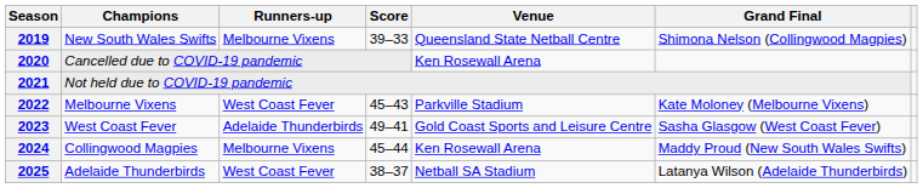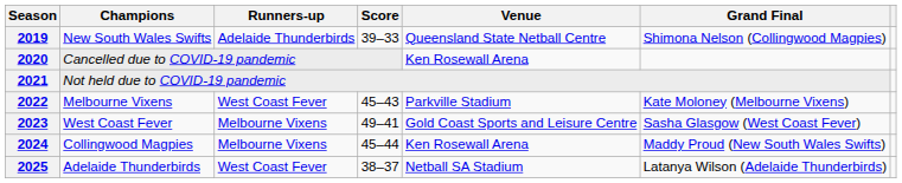 <table class="wikitable sortable">
 <tr>
 <th>Season</th>
 <th>Champions</th>
 <th>Runners-up</th>
 <th>Score</th>
 <th>Venue</th>
 <th>Grand Final </th>
 <th></th>
 </tr>
 <tr>
 <th><a href='#'>2019</a></th>
 <td><a href='#'>New South Wales Swifts</a></td>
-<td><a href='#'>Melbourne Vixens</a></td>
+<td><a href='#'>Adelaide Thunderbirds</a></td>
 <td style="text-align: center;">39–33</td>
 <td><a href='#'>Queensland State Netball Centre</a></td>
 <td><a href='#'>Shimona Nelson</a> (<a href='#'>Collingwood Magpies</a>)</td>
 <td></td>
 </tr>
 <tr>
 <th><a href='#'>2020</a></th>
 <td colspan="3" style="background: #ececec"><em>Cancelled due to <a href='#'>COVID-19 pandemic</a></em></td>
 <td><a href='#'>Ken Rosewall Arena</a></td>
 <td></td>
 <td></td>
 </tr>
 <tr>
 <th><a href='#'>2021</a></th>
 <td colspan="5" style="background: #ececec"><em>Not held due to <a href='#'>COVID-19 pandemic</a></em></td>
 <td></td>
 </tr>
 <tr>
 <th><a href='#'>2022</a></th>
 <td><a href='#'>Melbourne Vixens</a></td>
 <td><a href='#'>West Coast Fever</a></td>
 <td style="text-align: center;">45–43</td>
 <td><a href='#'>Parkville Stadium</a></td>
 <td><a href='#'>Kate Moloney</a> (<a href='#'>Melbourne Vixens</a>)</td>
 <td></td>
 </tr>
 <tr>
 <th><a href='#'>2023</a></th>
 <td><a href='#'>West Coast Fever</a></td>
-<td><a href='#'>Adelaide Thunderbirds</a></td>
+<td><a href='#'>Melbourne Vixens</a></td>
 <td style="text-align: center;">49–41</td>
 <td><a href='#'>Gold Coast Sports and Leisure Centre</a></td>
 <td><a href='#'>Sasha Glasgow</a> (<a href='#'>West Coast Fever</a>)</td>
 <td></td>
 </tr>
 <tr>
 <th><a href='#'>2024</a></th>
 <td><a href='#'>Collingwood Magpies</a></td>
 <td><a href='#'>Melbourne Vixens</a></td>
 <td style="text-align: center;">45–44</td>
 <td><a href='#'>Ken Rosewall Arena</a></td>
 <td><a href='#'>Maddy Proud</a> (<a href='#'>New South Wales Swifts</a>)</td>
 <td></td>
 </tr>
 <tr>
 <th><a href='#'>2025</a></th>
 <td><a href='#'>Adelaide Thunderbirds</a></td>
 <td><a href='#'>West Coast Fever</a></td>
 <td style="text-align: center;">38–37</td>
 <td><a href='#'>Netball SA Stadium</a></td>
 <td>Latanya Wilson (<a href='#'>Adelaide Thunderbirds</a>)</td>
 <td></td>
 </tr>
 </table>
